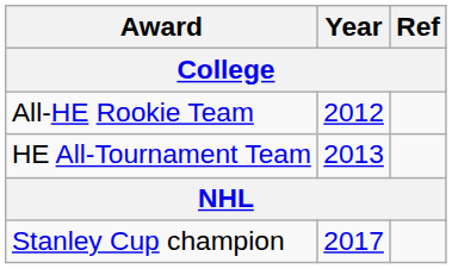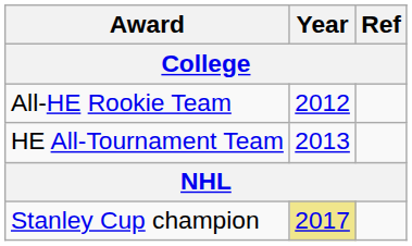 <table class="wikitable">
 <tr>
 <th>Award</th>
 <th>Year</th>
 <th>Ref</th>
 </tr>
 <tr>
 <th colspan="3"><a href='#'>College</a></th>
 </tr>
 <tr>
 <td>All-<a href='#'>HE</a> <a href='#'>Rookie Team</a></td>
 <td><a href='#'>2012</a></td>
 <td></td>
 </tr>
 <tr>
 <td>HE <a href='#'>All-Tournament Team</a></td>
 <td><a href='#'>2013</a></td>
 <td></td>
 </tr>
 <tr>
 <th colspan="3"><a href='#'>NHL</a></th>
 </tr>
 <tr>
 <td><a href='#'>Stanley Cup</a> champion</td>
-<td><a href='#'>2017</a></td>
+<td style="background: khaki;"><a href='#'>2017</a></td>
 <td></td>
 </tr>
 </table>
